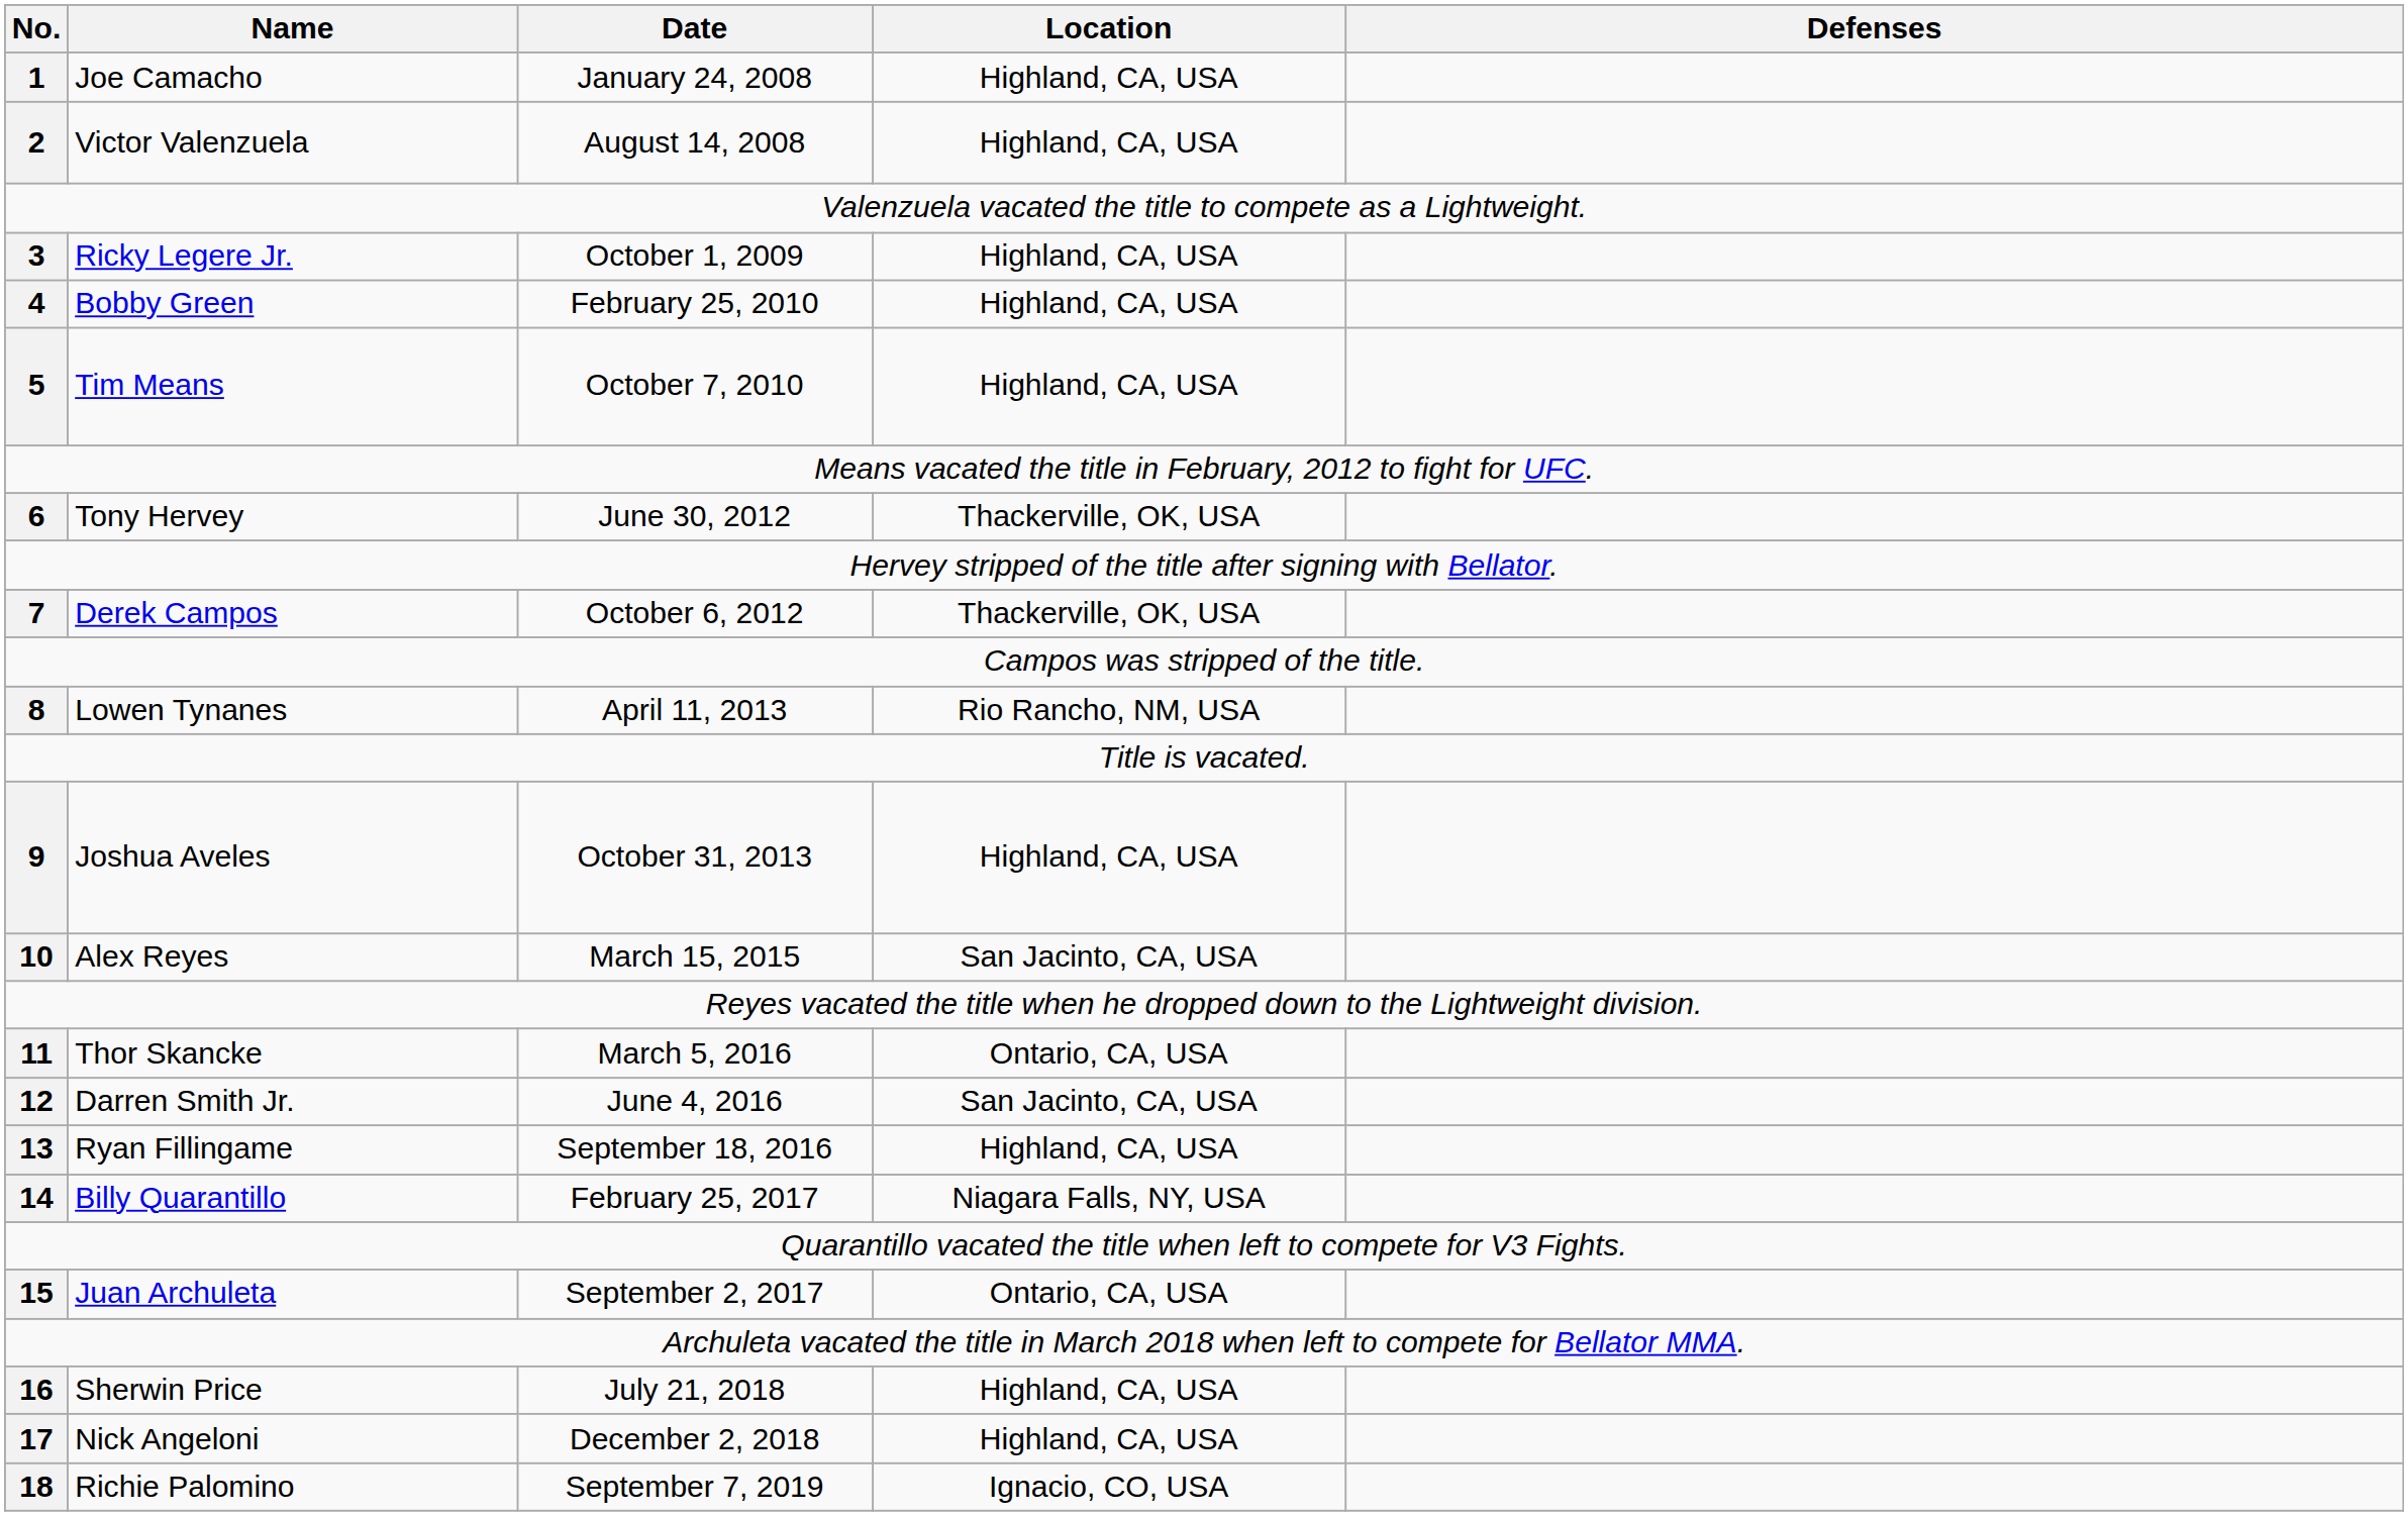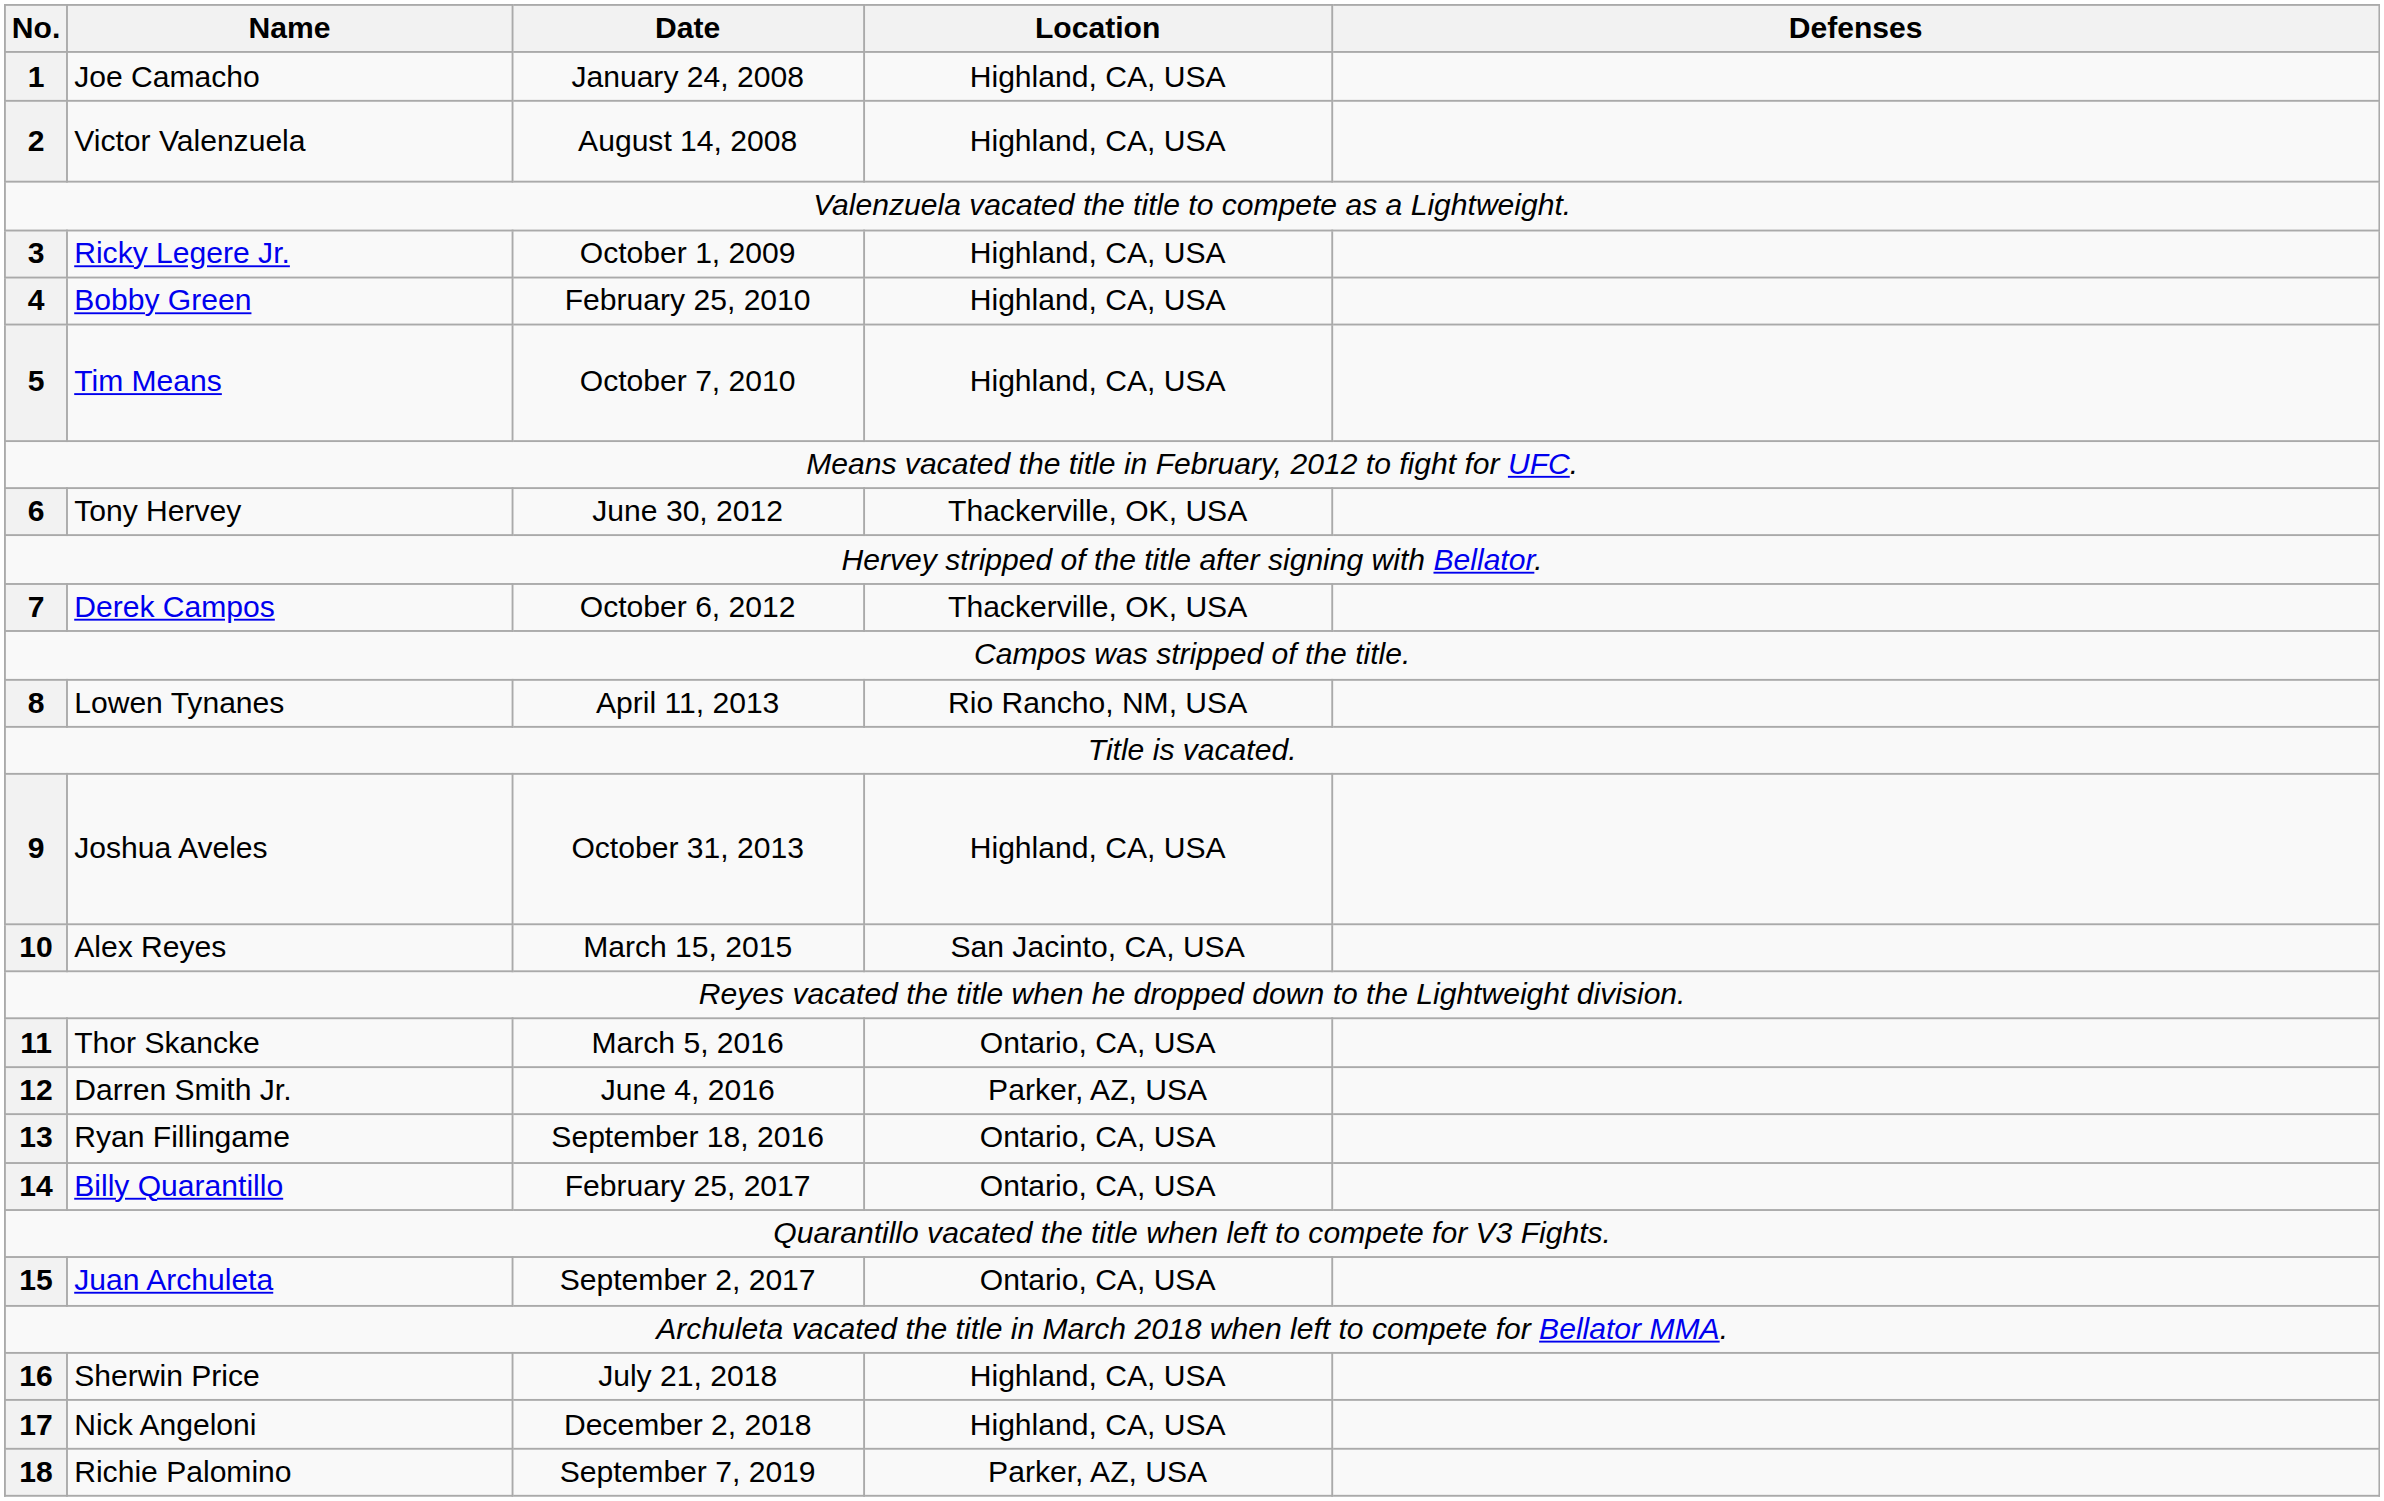 <table class="wikitable" width=100%>
 <tr>
 <th width=1%>No.</th>
 <th width=19%>Name</th>
 <th width=15%>Date</th>
 <th width=20%>Location</th>
 <th width=45%>Defenses</th>
 </tr>
 <tr>
 <th>1</th>
 <td align=left> Joe Camacho<br></td>
 <td align=center>January 24, 2008<br></td>
 <td align=center>Highland, CA, USA</td>
 <td></td>
 </tr>
 <tr>
 <th>2</th>
 <td align=left> Victor Valenzuela</td>
 <td align=center>August 14, 2008<br></td>
 <td align=center>Highland, CA, USA</td>
 <td><br><br> </td>
 </tr>
 <tr>
 <td align="center" colspan="5"><em>Valenzuela vacated the title to compete as a Lightweight.</em></td>
 </tr>
 <tr>
 <th>3</th>
 <td align=left> <a href='#'> Ricky Legere Jr.</a><br></td>
 <td align=center>October 1, 2009<br></td>
 <td align=center>Highland, CA, USA</td>
 <td><br></td>
 </tr>
 <tr>
 <th>4</th>
 <td align=left> <a href='#'>Bobby Green</a></td>
 <td align=center>February 25, 2010<br></td>
 <td align=center>Highland, CA, USA</td>
 <td><br></td>
 </tr>
 <tr>
 <th>5</th>
 <td align=left> <a href='#'>Tim Means</a></td>
 <td align=center>October 7, 2010<br></td>
 <td align=center>Highland, CA, USA</td>
 <td><br><br> <br> </td>
 </tr>
 <tr>
 <td align="center" colspan="5"><em>Means vacated the title in February, 2012 to fight for <a href='#'>UFC</a>.</em></td>
 </tr>
 <tr>
 <th>6</th>
 <td align=left> Tony Hervey<br></td>
 <td align=center>June 30, 2012<br></td>
 <td align=center>Thackerville, OK, USA</td>
 <td></td>
 </tr>
 <tr>
 <td align="center" colspan="5"><em>Hervey stripped of the title after signing with <a href='#'>Bellator</a>.</em></td>
 </tr>
 <tr>
 <th>7</th>
 <td align=left> <a href='#'>Derek Campos</a><br></td>
 <td align=center>October 6, 2012<br></td>
 <td align=center>Thackerville, OK, USA</td>
 <td></td>
 </tr>
 <tr>
 <td align="center" colspan="5"><em>Campos was stripped of the title.</em></td>
 </tr>
 <tr>
 <th>8</th>
 <td align=left> Lowen Tynanes<br></td>
 <td align=center>April 11, 2013<br></td>
 <td align=center>Rio Rancho, NM, USA</td>
 <td></td>
 </tr>
 <tr>
 <td align="center" colspan="5"><em>Title is vacated.</em></td>
 </tr>
 <tr>
 <th>9</th>
 <td align=left> Joshua Aveles<br></td>
 <td align=center>October 31, 2013<br></td>
 <td align=center>Highland, CA, USA</td>
 <td><br><br> <br> <br> </td>
 </tr>
 <tr>
 <th>10</th>
 <td align=left> Alex Reyes</td>
 <td align=center>March 15, 2015<br></td>
 <td align=center>San Jacinto, CA, USA</td>
 <td><br></td>
 </tr>
 <tr>
 <td align="center" colspan="5"><em>Reyes vacated the title when he dropped down to the Lightweight division.</em></td>
 </tr>
 <tr>
 <th>11</th>
 <td align=left> Thor Skancke</td>
 <td align=center>March 5, 2016<br></td>
 <td align=center>Ontario, CA, USA</td>
 <td></td>
 </tr>
 <tr>
 <th>12</th>
 <td align=left> Darren Smith Jr.</td>
 <td align=center>June 4, 2016<br></td>
-<td align=center>San Jacinto, CA, USA</td>
+<td align=center>Parker, AZ, USA</td>
 <td></td>
 </tr>
 <tr>
 <th>13</th>
 <td align=left> Ryan Fillingame</td>
 <td align=center>September 18, 2016<br></td>
-<td align=center>Highland, CA, USA</td>
+<td align=center>Ontario, CA, USA</td>
 <td></td>
 </tr>
 <tr>
 <th>14</th>
 <td align=left> <a href='#'>Billy Quarantillo</a></td>
 <td align=center>February 25, 2017<br></td>
-<td align=center>Niagara Falls, NY, USA</td>
+<td align=center>Ontario, CA, USA</td>
 <td></td>
 </tr>
 <tr>
 <td align="center" colspan="5"><em>Quarantillo vacated the title when left to compete for V3 Fights.</em></td>
 </tr>
 <tr>
 <th>15</th>
 <td align=left> <a href='#'>Juan Archuleta</a><br> </td>
 <td align=center>September 2, 2017<br></td>
 <td align=center>Ontario, CA, USA</td>
 <td></td>
 </tr>
 <tr>
 <td align="center" colspan="5"><em>Archuleta vacated the title in March 2018 when left to compete for <a href='#'>Bellator MMA</a>.</em></td>
 </tr>
 <tr>
 <th>16</th>
 <td align=left> Sherwin Price<br> </td>
 <td align=center>July 21, 2018<br></td>
 <td align=center>Highland, CA, USA</td>
 <td></td>
 </tr>
 <tr>
 <th>17</th>
 <td align=left> Nick Angeloni</td>
 <td align=center>December 2, 2018<br></td>
 <td align=center>Highland, CA, USA</td>
 <td></td>
 </tr>
 <tr>
 <th>18</th>
 <td align=left> Richie Palomino</td>
 <td align=center>September 7, 2019<br></td>
-<td align=center>Ignacio, CO, USA</td>
+<td align=center>Parker, AZ, USA</td>
 <td></td>
 </tr>
 </table>
